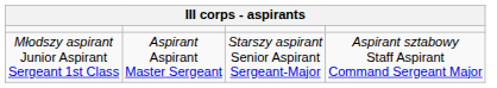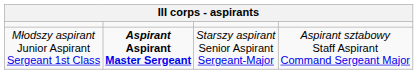 <table class="wikitable" style="text-align: center">
 <tr>
 <th colspan="4">III corps - aspirants</th>
 </tr>
 <tr>
 <td></td>
 <td></td>
 <td></td>
 <td></td>
 </tr>
 <tr>
 <td><em>Młodszy aspirant</em> <br> Junior Aspirant <br> <a href='#'>Sergeant 1st Class</a></td>
-<td><em>Aspirant</em> <br> Aspirant <br> <a href='#'>Master Sergeant</a></td>
+<td><strong><em>Aspirant</em> <br> Aspirant <br> <a href='#'>Master Sergeant</a></strong></td>
 <td><em>Starszy aspirant</em> <br> Senior Aspirant <br> <a href='#'>Sergeant-Major</a></td>
 <td><em>Aspirant sztabowy</em> <br> Staff Aspirant <br> <a href='#'>Command Sergeant Major</a></td>
 </tr>
 </table>
